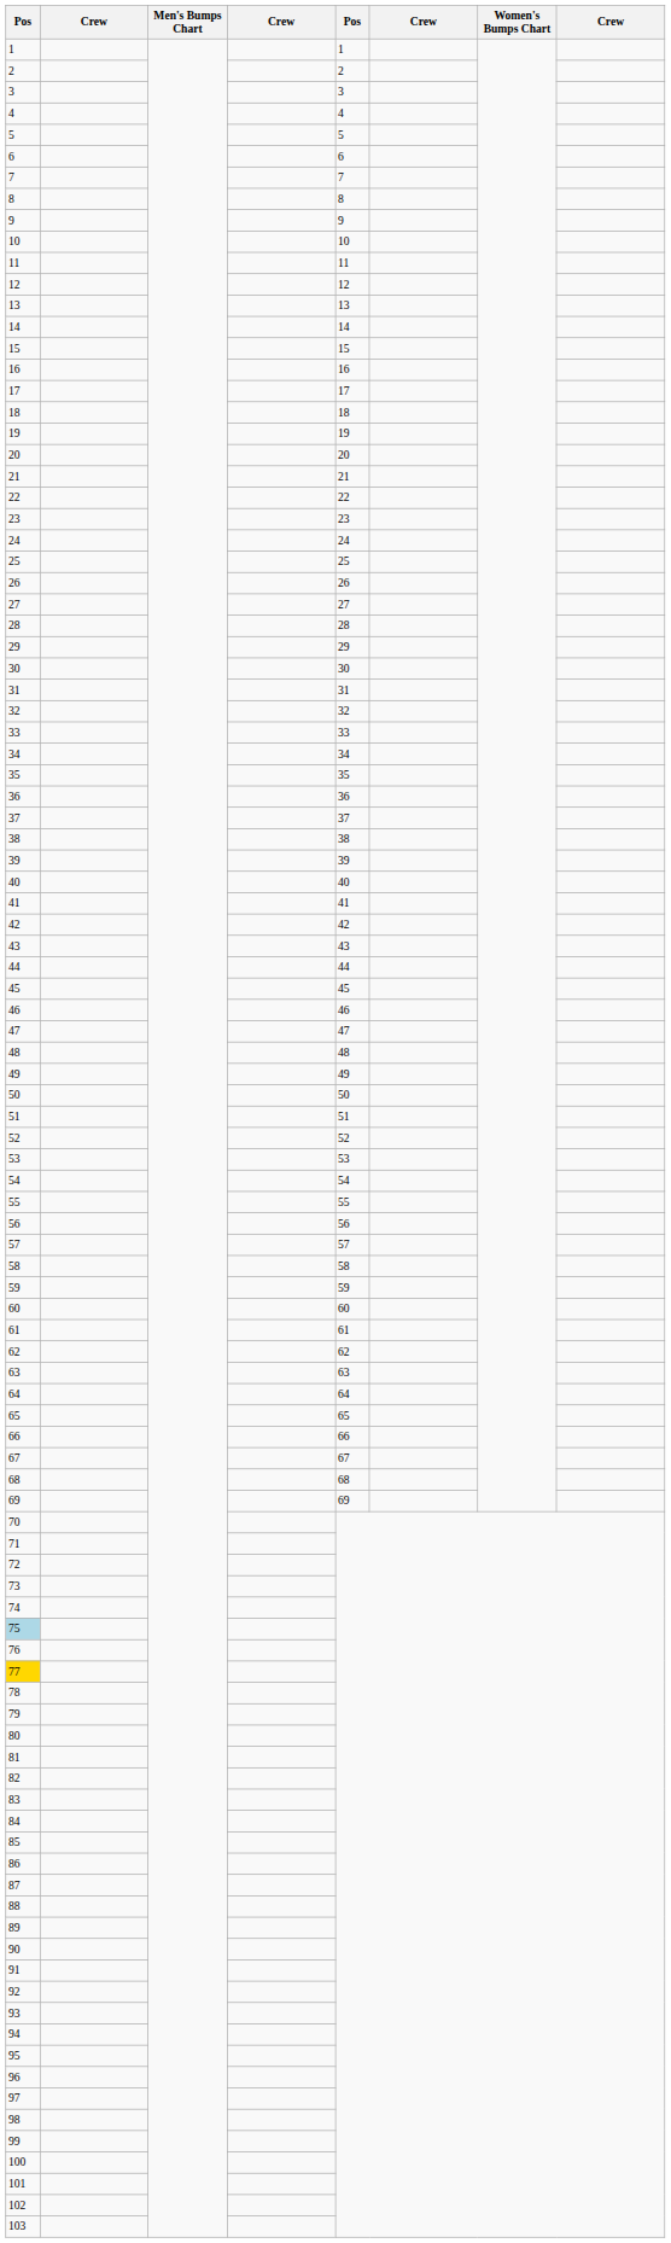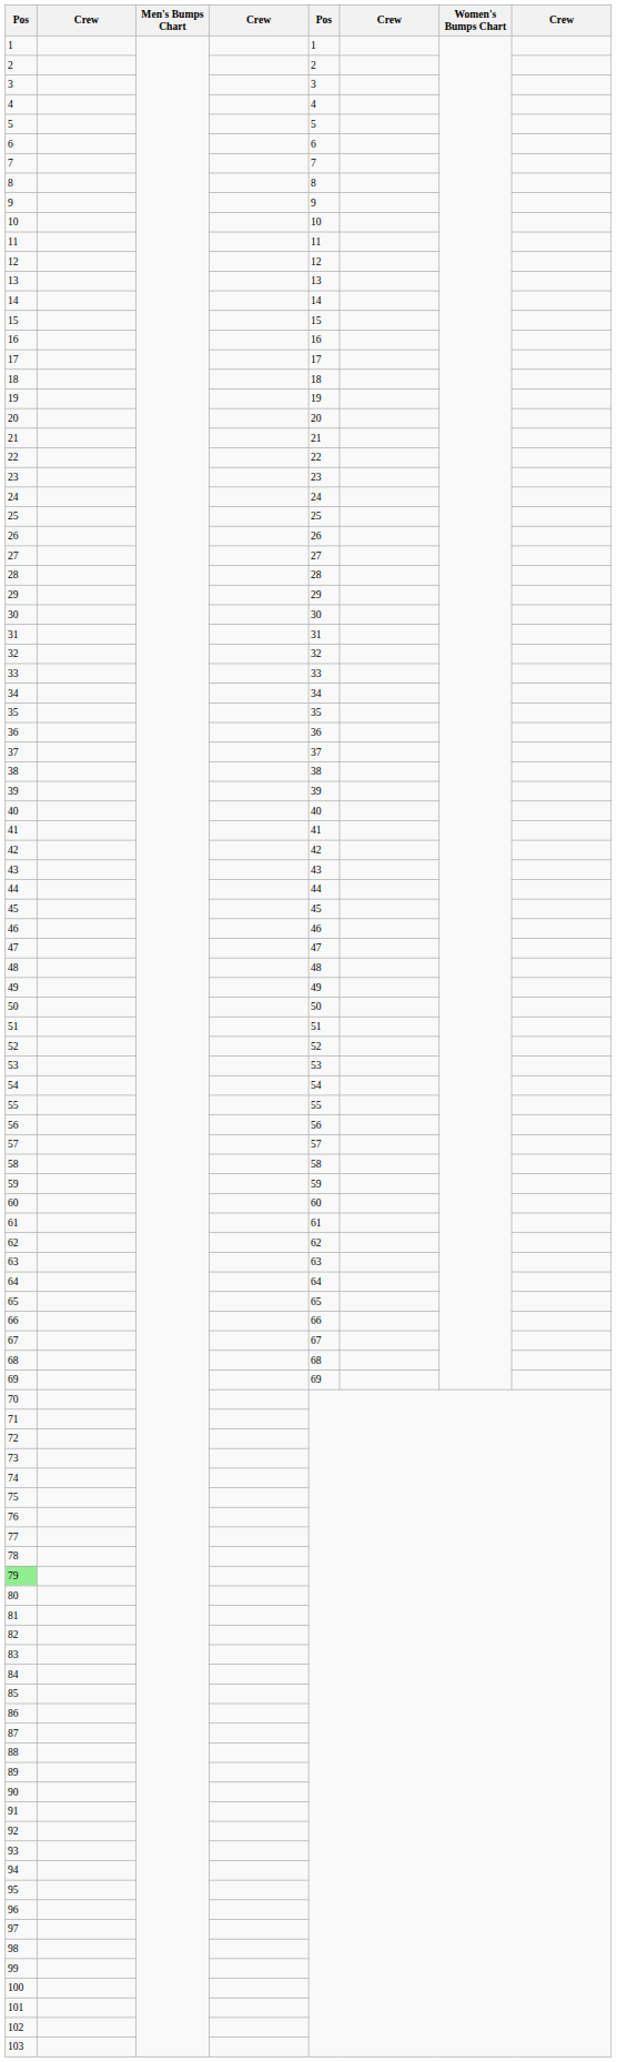 <table class="wikitable" style="font-size:88%; white-space:nowrap; margin:0.5em auto">
 <tr style="white-space:normal">
 <th width=35>Pos</th>
 <th width=125>Crew</th>
 <th width=90>Men's Bumps Chart</th>
 <th width=125>Crew</th>
 <th width=35>Pos</th>
 <th width=125>Crew</th>
 <th width=90>Women's Bumps Chart</th>
 <th width=125>Crew</th>
 </tr>
 <tr style="height:26px">
 <td>1</td>
 <td></td>
 <td rowspan="103" style="padding:0"></td>
 <td></td>
 <td>1</td>
 <td></td>
 <td rowspan="69" style="padding:0"></td>
 <td></td>
 </tr>
 <tr style="height:26px">
 <td>2</td>
 <td></td>
 <td></td>
 <td>2</td>
 <td></td>
 <td></td>
 </tr>
 <tr style="height:26px">
 <td>3</td>
 <td></td>
 <td></td>
 <td>3</td>
 <td></td>
 <td></td>
 </tr>
 <tr style="height:26px">
 <td>4</td>
 <td></td>
 <td></td>
 <td>4</td>
 <td></td>
 <td></td>
 </tr>
 <tr style="height:26px">
 <td>5</td>
 <td></td>
 <td></td>
 <td>5</td>
 <td></td>
 <td></td>
 </tr>
 <tr style="height:26px">
 <td>6</td>
 <td></td>
 <td></td>
 <td>6</td>
 <td></td>
 <td></td>
 </tr>
 <tr style="height:26px">
 <td>7</td>
 <td></td>
 <td></td>
 <td>7</td>
 <td></td>
 <td></td>
 </tr>
 <tr style="height:26px">
 <td>8</td>
 <td></td>
 <td></td>
 <td>8</td>
 <td></td>
 <td></td>
 </tr>
 <tr style="height:26px">
 <td>9</td>
 <td></td>
 <td></td>
 <td>9</td>
 <td></td>
 <td></td>
 </tr>
 <tr style="height:26px">
 <td>10</td>
 <td></td>
 <td></td>
 <td>10</td>
 <td></td>
 <td></td>
 </tr>
 <tr style="height:26px">
 <td>11</td>
 <td></td>
 <td></td>
 <td>11</td>
 <td></td>
 <td></td>
 </tr>
 <tr style="height:26px">
 <td>12</td>
 <td></td>
 <td></td>
 <td>12</td>
 <td></td>
 <td></td>
 </tr>
 <tr style="height:26px">
 <td>13</td>
 <td></td>
 <td></td>
 <td>13</td>
 <td></td>
 <td></td>
 </tr>
 <tr style="height:26px">
 <td>14</td>
 <td></td>
 <td></td>
 <td>14</td>
 <td></td>
 <td></td>
 </tr>
 <tr style="height:26px">
 <td>15</td>
 <td></td>
 <td></td>
 <td>15</td>
 <td></td>
 <td></td>
 </tr>
 <tr style="height:26px">
 <td>16</td>
 <td></td>
 <td></td>
 <td>16</td>
 <td></td>
 <td></td>
 </tr>
 <tr style="height:26px">
 <td>17</td>
 <td></td>
 <td></td>
 <td>17</td>
 <td></td>
 <td></td>
 </tr>
 <tr style="height:26px">
 <td>18</td>
 <td></td>
 <td></td>
 <td>18</td>
 <td></td>
 <td></td>
 </tr>
 <tr style="height:26px">
 <td>19</td>
 <td></td>
 <td></td>
 <td>19</td>
 <td></td>
 <td></td>
 </tr>
 <tr style="height:26px">
 <td>20</td>
 <td></td>
 <td></td>
 <td>20</td>
 <td></td>
 <td></td>
 </tr>
 <tr style="height:26px">
 <td>21</td>
 <td></td>
 <td></td>
 <td>21</td>
 <td></td>
 <td></td>
 </tr>
 <tr style="height:26px">
 <td>22</td>
 <td></td>
 <td></td>
 <td>22</td>
 <td></td>
 <td></td>
 </tr>
 <tr style="height:26px">
 <td>23</td>
 <td></td>
 <td></td>
 <td>23</td>
 <td></td>
 <td></td>
 </tr>
 <tr style="height:26px">
 <td>24</td>
 <td></td>
 <td></td>
 <td>24</td>
 <td></td>
 <td></td>
 </tr>
 <tr style="height:26px">
 <td>25</td>
 <td></td>
 <td></td>
 <td>25</td>
 <td></td>
 <td></td>
 </tr>
 <tr style="height:26px">
 <td>26</td>
 <td></td>
 <td></td>
 <td>26</td>
 <td></td>
 <td></td>
 </tr>
 <tr style="height:26px">
 <td>27</td>
 <td></td>
 <td></td>
 <td>27</td>
 <td></td>
 <td></td>
 </tr>
 <tr style="height:26px">
 <td>28</td>
 <td></td>
 <td></td>
 <td>28</td>
 <td></td>
 <td></td>
 </tr>
 <tr style="height:26px">
 <td>29</td>
 <td></td>
 <td></td>
 <td>29</td>
 <td></td>
 <td></td>
 </tr>
 <tr style="height:26px">
 <td>30</td>
 <td></td>
 <td></td>
 <td>30</td>
 <td></td>
 <td></td>
 </tr>
 <tr style="height:26px">
 <td>31</td>
 <td></td>
 <td></td>
 <td>31</td>
 <td></td>
 <td></td>
 </tr>
 <tr style="height:26px">
 <td>32</td>
 <td></td>
 <td></td>
 <td>32</td>
 <td></td>
 <td></td>
 </tr>
 <tr style="height:26px">
 <td>33</td>
 <td></td>
 <td></td>
 <td>33</td>
 <td></td>
 <td></td>
 </tr>
 <tr style="height:26px">
 <td>34</td>
 <td></td>
 <td></td>
 <td>34</td>
 <td></td>
 <td></td>
 </tr>
 <tr style="height:26px">
 <td>35</td>
 <td></td>
 <td></td>
 <td>35</td>
 <td></td>
 <td></td>
 </tr>
 <tr style="height:26px">
 <td>36</td>
 <td></td>
 <td></td>
 <td>36</td>
 <td></td>
 <td></td>
 </tr>
 <tr style="height:26px">
 <td>37</td>
 <td></td>
 <td></td>
 <td>37</td>
 <td></td>
 <td></td>
 </tr>
 <tr style="height:26px">
 <td>38</td>
 <td></td>
 <td></td>
 <td>38</td>
 <td></td>
 <td></td>
 </tr>
 <tr style="height:26px">
 <td>39</td>
 <td></td>
 <td></td>
 <td>39</td>
 <td></td>
 <td></td>
 </tr>
 <tr style="height:26px">
 <td>40</td>
 <td></td>
 <td></td>
 <td>40</td>
 <td></td>
 <td></td>
 </tr>
 <tr style="height:26px">
 <td>41</td>
 <td></td>
 <td></td>
 <td>41</td>
 <td></td>
 <td></td>
 </tr>
 <tr style="height:26px">
 <td>42</td>
 <td></td>
 <td></td>
 <td>42</td>
 <td></td>
 <td></td>
 </tr>
 <tr style="height:26px">
 <td>43</td>
 <td></td>
 <td></td>
 <td>43</td>
 <td></td>
 <td></td>
 </tr>
 <tr style="height:26px">
 <td>44</td>
 <td></td>
 <td></td>
 <td>44</td>
 <td></td>
 <td></td>
 </tr>
 <tr style="height:26px">
 <td>45</td>
 <td></td>
 <td></td>
 <td>45</td>
 <td></td>
 <td></td>
 </tr>
 <tr style="height:26px">
 <td>46</td>
 <td></td>
 <td></td>
 <td>46</td>
 <td></td>
 <td></td>
 </tr>
 <tr style="height:26px">
 <td>47</td>
 <td></td>
 <td></td>
 <td>47</td>
 <td></td>
 <td></td>
 </tr>
 <tr style="height:26px">
 <td>48</td>
 <td></td>
 <td></td>
 <td>48</td>
 <td></td>
 <td></td>
 </tr>
 <tr style="height:26px">
 <td>49</td>
 <td></td>
 <td></td>
 <td>49</td>
 <td></td>
 <td></td>
 </tr>
 <tr style="height:26px">
 <td>50</td>
 <td></td>
 <td></td>
 <td>50</td>
 <td></td>
 <td></td>
 </tr>
 <tr style="height:26px">
 <td>51</td>
 <td></td>
 <td></td>
 <td>51</td>
 <td></td>
 <td></td>
 </tr>
 <tr style="height:26px">
 <td>52</td>
 <td></td>
 <td></td>
 <td>52</td>
 <td></td>
 <td></td>
 </tr>
 <tr style="height:26px">
 <td>53</td>
 <td></td>
 <td></td>
 <td>53</td>
 <td></td>
 <td></td>
 </tr>
 <tr style="height:26px">
 <td>54</td>
 <td></td>
 <td></td>
 <td>54</td>
 <td></td>
 <td></td>
 </tr>
 <tr style="height:26px">
 <td>55</td>
 <td></td>
 <td></td>
 <td>55</td>
 <td></td>
 <td></td>
 </tr>
 <tr style="height:26px">
 <td>56</td>
 <td></td>
 <td></td>
 <td>56</td>
 <td></td>
 <td></td>
 </tr>
 <tr style="height:26px">
 <td>57</td>
 <td></td>
 <td></td>
 <td>57</td>
 <td></td>
 <td></td>
 </tr>
 <tr style="height:26px">
 <td>58</td>
 <td></td>
 <td></td>
 <td>58</td>
 <td></td>
 <td></td>
 </tr>
 <tr style="height:26px">
 <td>59</td>
 <td></td>
 <td></td>
 <td>59</td>
 <td></td>
 <td></td>
 </tr>
 <tr style="height:26px">
 <td>60</td>
 <td></td>
 <td></td>
 <td>60</td>
 <td></td>
 <td></td>
 </tr>
 <tr style="height:26px">
 <td>61</td>
 <td></td>
 <td></td>
 <td>61</td>
 <td></td>
 <td></td>
 </tr>
 <tr style="height:26px">
 <td>62</td>
 <td></td>
 <td></td>
 <td>62</td>
 <td></td>
 <td></td>
 </tr>
 <tr style="height:26px">
 <td>63</td>
 <td></td>
 <td></td>
 <td>63</td>
 <td></td>
 <td></td>
 </tr>
 <tr style="height:26px">
 <td>64</td>
 <td></td>
 <td></td>
 <td>64</td>
 <td></td>
 <td></td>
 </tr>
 <tr style="height:26px">
 <td>65</td>
 <td></td>
 <td></td>
 <td>65</td>
 <td></td>
 <td></td>
 </tr>
 <tr style="height:26px">
 <td>66</td>
 <td></td>
 <td></td>
 <td>66</td>
 <td></td>
 <td></td>
 </tr>
 <tr style="height:26px">
 <td>67</td>
 <td></td>
 <td></td>
 <td>67</td>
 <td></td>
 <td></td>
 </tr>
 <tr style="height:26px">
 <td>68</td>
 <td></td>
 <td></td>
 <td>68</td>
 <td></td>
 <td></td>
 </tr>
 <tr style="height:26px">
 <td>69</td>
 <td></td>
 <td></td>
 <td>69</td>
 <td></td>
 <td></td>
 </tr>
 <tr style="height:26px">
 <td>70</td>
 <td></td>
 <td></td>
 <td colspan="4" rowspan="34"> </td>
 </tr>
 <tr style="height:26px">
 <td>71</td>
 <td></td>
 <td></td>
 </tr>
 <tr style="height:26px">
 <td>72</td>
 <td></td>
 <td></td>
 </tr>
 <tr style="height:26px">
 <td>73</td>
 <td></td>
 <td></td>
 </tr>
 <tr style="height:26px">
 <td>74</td>
 <td></td>
 <td></td>
 </tr>
 <tr style="height:26px">
-<td style="background: lightblue;">75</td>
+<td>75</td>
 <td></td>
 <td></td>
 </tr>
 <tr style="height:26px">
 <td>76</td>
 <td></td>
 <td></td>
 </tr>
 <tr style="height:26px">
-<td style="background: gold;">77</td>
+<td>77</td>
 <td></td>
 <td></td>
 </tr>
 <tr style="height:26px">
 <td>78</td>
 <td></td>
 <td></td>
 </tr>
 <tr style="height:26px">
-<td>79</td>
+<td style="background: lightgreen;">79</td>
 <td></td>
 <td></td>
 </tr>
 <tr style="height:26px">
 <td>80</td>
 <td></td>
 <td></td>
 </tr>
 <tr style="height:26px">
 <td>81</td>
 <td></td>
 <td></td>
 </tr>
 <tr style="height:26px">
 <td>82</td>
 <td></td>
 <td></td>
 </tr>
 <tr style="height:26px">
 <td>83</td>
 <td></td>
 <td></td>
 </tr>
 <tr style="height:26px">
 <td>84</td>
 <td></td>
 <td></td>
 </tr>
 <tr style="height:26px">
 <td>85</td>
 <td></td>
 <td></td>
 </tr>
 <tr style="height:26px">
 <td>86</td>
 <td></td>
 <td></td>
 </tr>
 <tr style="height:26px">
 <td>87</td>
 <td></td>
 <td></td>
 </tr>
 <tr style="height:26px">
 <td>88</td>
 <td></td>
 <td></td>
 </tr>
 <tr style="height:26px">
 <td>89</td>
 <td></td>
 <td></td>
 </tr>
 <tr style="height:26px">
 <td>90</td>
 <td></td>
 <td></td>
 </tr>
 <tr style="height:26px">
 <td>91</td>
 <td></td>
 <td></td>
 </tr>
 <tr style="height:26px">
 <td>92</td>
 <td></td>
 <td></td>
 </tr>
 <tr style="height:26px">
 <td>93</td>
 <td></td>
 <td></td>
 </tr>
 <tr style="height:26px">
 <td>94</td>
 <td></td>
 <td></td>
 </tr>
 <tr style="height:26px">
 <td>95</td>
 <td></td>
 <td></td>
 </tr>
 <tr style="height:26px">
 <td>96</td>
 <td></td>
 <td></td>
 </tr>
 <tr style="height:26px">
 <td>97</td>
 <td></td>
 <td></td>
 </tr>
 <tr style="height:26px">
 <td>98</td>
 <td></td>
 <td></td>
 </tr>
 <tr style="height:26px">
 <td>99</td>
 <td></td>
 <td></td>
 </tr>
 <tr style="height:26px">
 <td>100</td>
 <td></td>
 <td></td>
 </tr>
 <tr style="height:26px">
 <td>101</td>
 <td></td>
 <td></td>
 </tr>
 <tr style="height:26px">
 <td>102</td>
 <td></td>
 <td></td>
 </tr>
 <tr style="height:26px">
 <td>103</td>
 <td></td>
 <td></td>
 </tr>
 </table>
